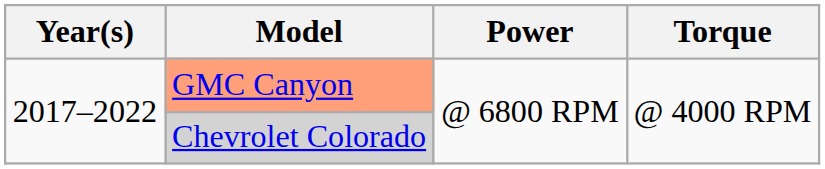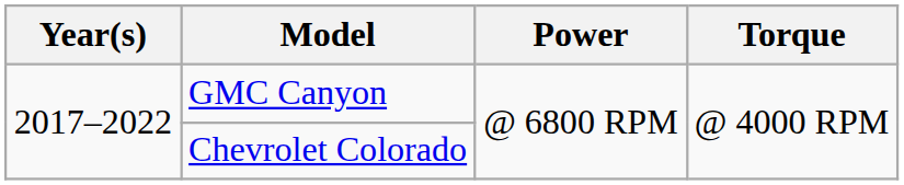 <table class="wikitable" style="font-size: 90%">
 <tr>
 <th>Year(s)</th>
 <th>Model</th>
 <th>Power</th>
 <th>Torque</th>
 </tr>
 <tr>
 <td rowspan="2">2017–2022</td>
-<td style="background: lightsalmon;"><a href='#'>GMC Canyon</a></td>
+<td><a href='#'>GMC Canyon</a></td>
 <td rowspan="2"> @ 6800 RPM</td>
 <td rowspan="2"> @ 4000 RPM</td>
 </tr>
 <tr>
-<td style="background: lightgrey;"><a href='#'>Chevrolet Colorado</a></td>
+<td><a href='#'>Chevrolet Colorado</a></td>
 </tr>
 </table>
